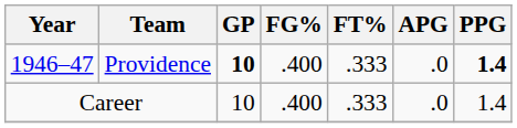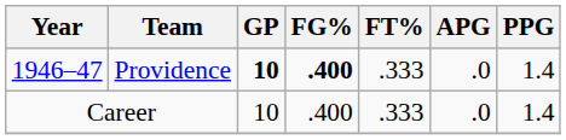 <table class="wikitable sortable" style="font-size:95%; text-align:right;">
 <tr>
 <th>Year</th>
 <th>Team</th>
 <th>GP</th>
 <th>FG%</th>
 <th>FT%</th>
 <th>APG</th>
 <th>PPG</th>
 </tr>
 <tr>
 <td style="text-align:left;"><a href='#'>1946–47</a></td>
 <td style="text-align:left;"><a href='#'>Providence</a></td>
 <td><strong>10</strong></td>
-<td>.400</td>
+<td><strong>.400</strong></td>
 <td>.333</td>
 <td>.0</td>
-<td><strong>1.4</strong></td>
+<td>1.4</td>
 </tr>
 <tr>
 <td style="text-align:center;" colspan="2">Career</td>
 <td>10</td>
 <td>.400</td>
 <td>.333</td>
 <td>.0</td>
 <td>1.4</td>
 </tr>
 <tr>
 </tr>
 </table>
